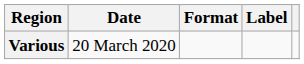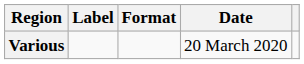 <table class="wikitable plainrowheaders">
 <tr>
 <th scope="col">Region</th>
+<th scope="col">Label</th>
+<th scope="col">Format</th>
 <th scope="col">Date</th>
-<th scope="col">Format</th>
-<th scope="col">Label</th>
 <th scope="col"></th>
 </tr>
 <tr>
 <th scope="row">Various</th>
-<td>20 March 2020</td>
 <td></td>
 <td></td>
+<td>20 March 2020</td>
 <td></td>
 </tr>
 </table>
